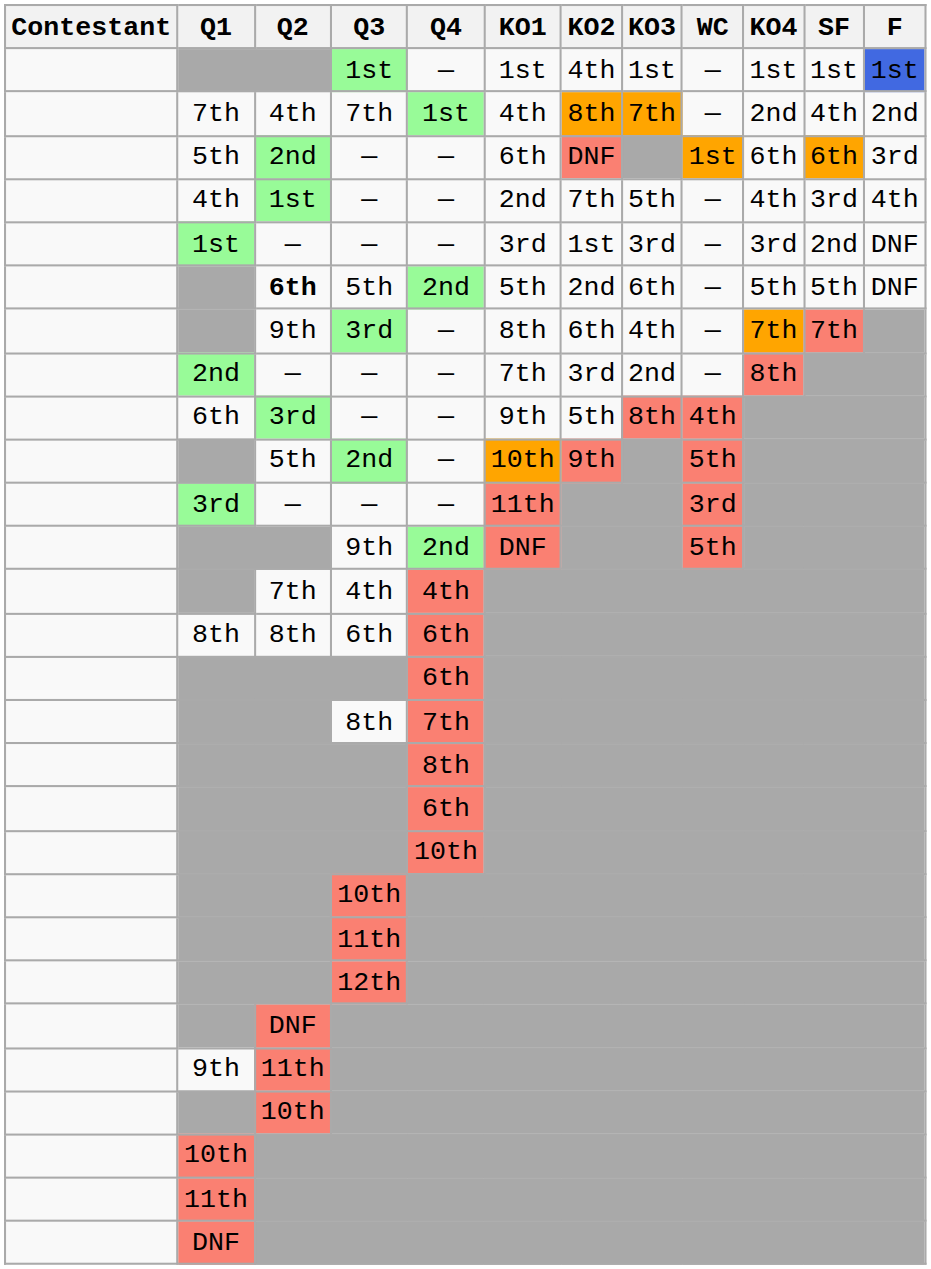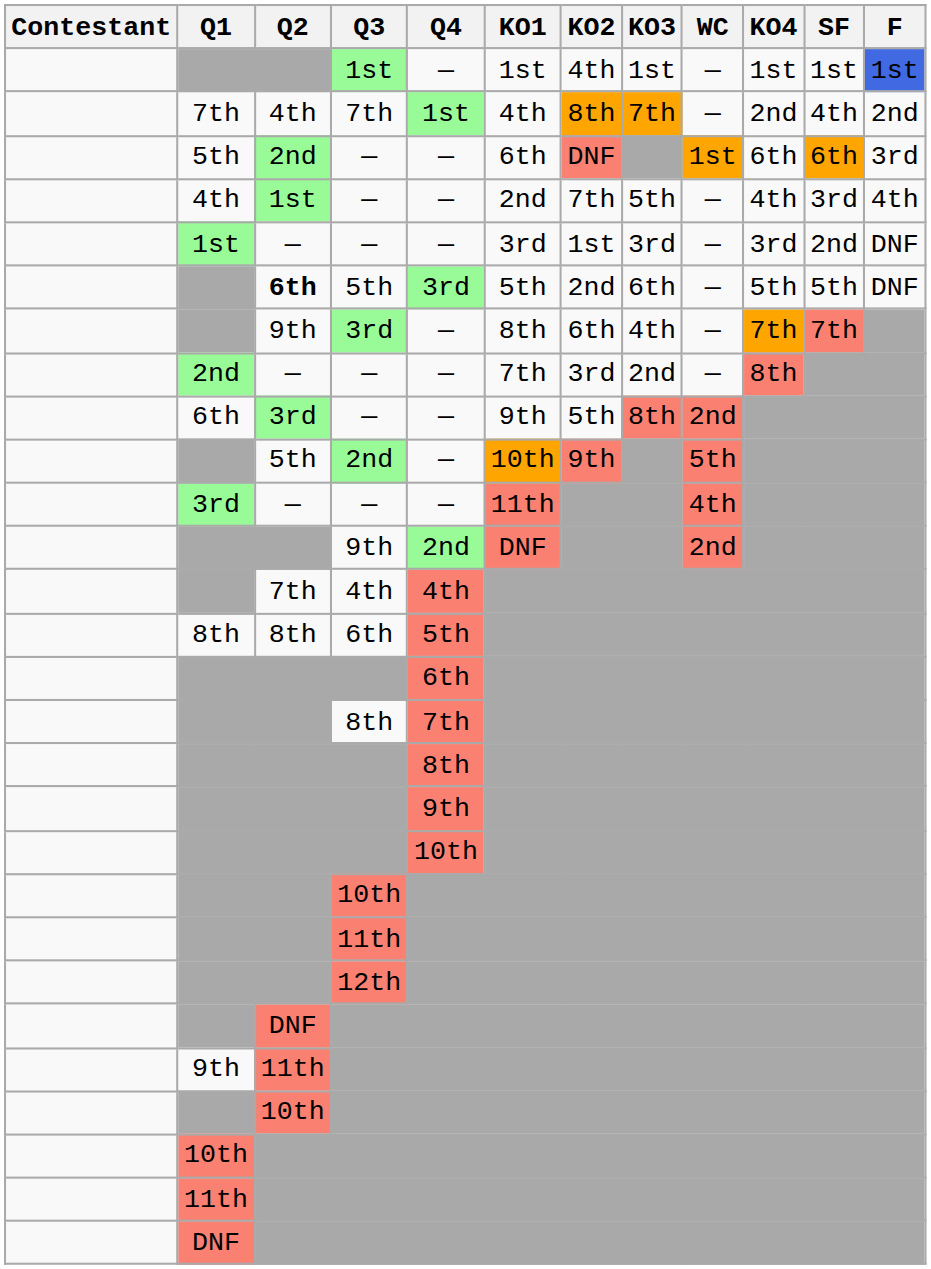 <table class="wikitable" border="2" style="text-align:center">
 <tr>
 <th>Contestant</th>
 <th>Q1 </th>
 <th>Q2 </th>
 <th>Q3 </th>
 <th>Q4  </th>
 <th>KO1  </th>
 <th>KO2  </th>
 <th>KO3  </th>
 <th>WC  </th>
 <th>KO4  </th>
 <th>SF  </th>
 <th>F  </th>
 </tr>
 <tr>
 <td></td>
 <td bgcolor="darkgray" colspan="2"></td>
 <td style="background:#98fb98;">1st</td>
 <td>—</td>
 <td>1st</td>
 <td>4th</td>
 <td>1st</td>
 <td>—</td>
 <td>1st</td>
 <td>1st</td>
 <td style="background:royalblue;">1st</td>
 </tr>
 <tr>
 <td></td>
 <td>7th</td>
 <td>4th</td>
 <td>7th</td>
 <td style="background:#98fb98;">1st</td>
 <td>4th</td>
 <td style="background:orange">8th</td>
 <td style="background:orange">7th</td>
 <td>—</td>
 <td>2nd</td>
 <td>4th</td>
 <td>2nd</td>
 </tr>
 <tr>
 <td></td>
 <td>5th</td>
 <td style="background:#98fb98;">2nd</td>
 <td>—</td>
 <td>—</td>
 <td>6th</td>
 <td style="background:#fa8072;">DNF</td>
 <td bgcolor="darkgray" colspan="1"></td>
 <td style="background:orange">1st</td>
 <td>6th</td>
 <td style="background:orange">6th</td>
 <td>3rd</td>
 </tr>
 <tr>
 <td></td>
 <td>4th</td>
 <td style="background:#98fb98;">1st</td>
 <td>—</td>
 <td>—</td>
 <td>2nd</td>
 <td>7th</td>
 <td>5th</td>
 <td>—</td>
 <td>4th</td>
 <td>3rd</td>
 <td>4th</td>
 </tr>
 <tr>
 <td></td>
 <td style="background:#98fb98;">1st</td>
 <td>—</td>
 <td>—</td>
 <td>—</td>
 <td>3rd</td>
 <td>1st</td>
 <td>3rd</td>
 <td>—</td>
 <td>3rd</td>
 <td>2nd</td>
 <td>DNF</td>
 </tr>
 <tr>
 <td></td>
 <td bgcolor="darkgray" colspan="1"></td>
 <td><strong>6th</strong></td>
 <td>5th</td>
-<td style="background:#98fb98;">2nd</td>
+<td style="background:#98fb98;">3rd</td>
 <td>5th</td>
 <td>2nd</td>
 <td>6th</td>
 <td>—</td>
 <td>5th</td>
 <td>5th</td>
 <td>DNF</td>
 </tr>
 <tr>
 <td></td>
 <td bgcolor="darkgray" colspan="1"></td>
 <td>9th</td>
 <td style="background:#98fb98;">3rd</td>
 <td>—</td>
 <td>8th</td>
 <td>6th</td>
 <td>4th</td>
 <td>—</td>
 <td style="background:orange">7th</td>
 <td style="background:#fa8072;">7th</td>
 <td bgcolor="darkgray" colspan="1"></td>
 </tr>
 <tr>
 <td></td>
 <td style="background:#98fb98;">2nd</td>
 <td>—</td>
 <td>—</td>
 <td>—</td>
 <td>7th</td>
 <td>3rd</td>
 <td>2nd</td>
 <td>—</td>
 <td style="background:#fa8072;">8th</td>
 <td bgcolor="darkgray" colspan="2"></td>
 </tr>
 <tr>
 <td></td>
 <td>6th</td>
 <td style="background:#98fb98;">3rd</td>
 <td>—</td>
 <td>—</td>
 <td>9th</td>
 <td>5th</td>
 <td style="background:#fa8072;">8th</td>
-<td style="background:#fa8072;">4th</td>
+<td style="background:#fa8072;">2nd</td>
 <td bgcolor="darkgray" colspan="3"></td>
 </tr>
 <tr>
 <td></td>
 <td bgcolor="darkgray" colspan="1"></td>
 <td>5th</td>
 <td style="background:#98fb98;">2nd</td>
 <td>—</td>
 <td style="background:orange">10th</td>
 <td style="background:#fa8072;">9th</td>
 <td bgcolor="darkgray" colspan="1"></td>
 <td style="background:#fa8072;">5th</td>
 <td bgcolor="darkgray" colspan="3"></td>
 </tr>
 <tr>
 <td></td>
 <td style="background:#98fb98;">3rd</td>
 <td>—</td>
 <td>—</td>
 <td>—</td>
 <td style="background:#fa8072;">11th</td>
 <td bgcolor="darkgray" colspan="2"></td>
-<td style="background:#fa8072;">3rd</td>
+<td style="background:#fa8072;">4th</td>
 <td bgcolor="darkgray" colspan="3"></td>
 </tr>
 <tr>
 <td></td>
 <td bgcolor="darkgray" colspan="2"></td>
 <td>9th</td>
 <td style="background:#98fb98;">2nd</td>
 <td style="background:#fa8072;">DNF</td>
 <td bgcolor="darkgray" colspan="2"></td>
-<td style="background:#fa8072;">5th</td>
+<td style="background:#fa8072;">2nd</td>
 <td bgcolor="darkgray" colspan="3"></td>
 </tr>
 <tr>
 <td></td>
 <td bgcolor="darkgray" colspan="1"></td>
 <td>7th</td>
 <td>4th</td>
 <td style="background:#fa8072;">4th</td>
 <td bgcolor="darkgray" colspan="7"></td>
 </tr>
 <tr>
 <td></td>
 <td>8th</td>
 <td>8th</td>
 <td>6th</td>
-<td style="background:#fa8072;">6th</td>
+<td style="background:#fa8072;">5th</td>
 <td bgcolor="darkgray" colspan="7"></td>
 </tr>
 <tr>
 <td></td>
 <td bgcolor="darkgray" colspan="3"></td>
 <td style="background:#fa8072;">6th</td>
 <td bgcolor="darkgray" colspan="7"></td>
 </tr>
 <tr>
 <td></td>
 <td bgcolor="darkgray" colspan="2"></td>
 <td>8th</td>
 <td style="background:#fa8072;">7th</td>
 <td bgcolor="darkgray" colspan="7"></td>
 </tr>
 <tr>
 <td></td>
 <td bgcolor="darkgray" colspan="3"></td>
 <td style="background:#fa8072;">8th</td>
 <td bgcolor="darkgray" colspan="7"></td>
 </tr>
 <tr>
 <td></td>
 <td bgcolor="darkgray" colspan="3"></td>
-<td style="background:#fa8072;">6th</td>
+<td style="background:#fa8072;">9th</td>
 <td bgcolor="darkgray" colspan="7"></td>
 </tr>
 <tr>
 <td></td>
 <td bgcolor="darkgray" colspan="3"></td>
 <td style="background:#fa8072;">10th</td>
 <td bgcolor="darkgray" colspan="7"></td>
 </tr>
 <tr>
 <td></td>
 <td bgcolor="darkgray" colspan="2"></td>
 <td style="background:#fa8072;">10th</td>
 <td bgcolor="darkgray" colspan="8"></td>
 </tr>
 <tr>
 <td></td>
 <td bgcolor="darkgray" colspan="2"></td>
 <td style="background:#fa8072;">11th</td>
 <td bgcolor="darkgray" colspan="8"></td>
 </tr>
 <tr>
 <td></td>
 <td bgcolor="darkgray" colspan="2"></td>
 <td style="background:#fa8072;">12th</td>
 <td bgcolor="darkgray" colspan="8"></td>
 </tr>
 <tr>
 <td></td>
 <td bgcolor="darkgray" colspan="1"></td>
 <td style="background:#fa8072;">DNF</td>
 <td bgcolor="darkgray" colspan="9"></td>
 </tr>
 <tr>
 <td></td>
 <td>9th</td>
 <td style="background:#fa8072;">11th</td>
 <td bgcolor="darkgray" colspan="9"></td>
 </tr>
 <tr>
 <td></td>
 <td bgcolor="darkgray" colspan="1"></td>
 <td style="background:#fa8072;">10th</td>
 <td bgcolor="darkgray" colspan="9"></td>
 </tr>
 <tr>
 <td></td>
 <td style="background:#fa8072;">10th</td>
 <td bgcolor="darkgray" colspan="10"></td>
 </tr>
 <tr>
 <td></td>
 <td style="background:#fa8072;">11th</td>
 <td bgcolor="darkgray" colspan="10"></td>
 </tr>
 <tr>
 <td></td>
 <td style="background:#fa8072;">DNF</td>
 <td bgcolor="darkgray" colspan="10"></td>
 </tr>
 </table>
